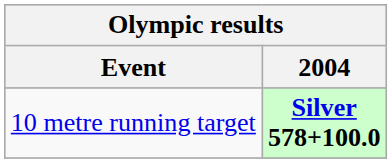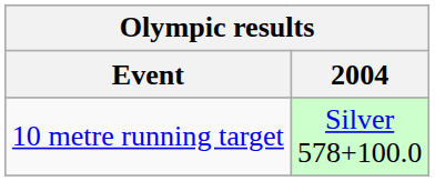 <table class="wikitable" style="text-align: center">
 <tr>
 <th colspan=2>Olympic results</th>
 </tr>
 <tr>
 <th>Event</th>
 <th>2004</th>
 </tr>
 <tr>
 <td align=left><a href='#'>10 metre running target</a></td>
-<td style="background: #ccffcc"><strong> <a href='#'>Silver</a><br>578+100.0</strong></td>
+<td style="background: #ccffcc"> <a href='#'>Silver</a><br>578+100.0</td>
 </tr>
 </table>
